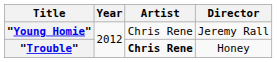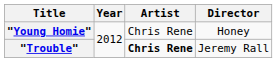 <table class="wikitable plainrowheaders" style="text-align:center;">
 <tr>
 <th scope="col">Title</th>
 <th scope="col">Year</th>
 <th scope="col">Artist</th>
 <th scope="col">Director</th>
 </tr>
 <tr>
 <th scope="row">"<a href='#'>Young Homie</a>"</th>
 <td rowspan="2">2012</td>
 <td>Chris Rene</td>
-<td>Jeremy Rall</td>
+<td>Honey</td>
 </tr>
 <tr>
 <th scope="row">"<a href='#'>Trouble</a>"</th>
 <td><strong>Chris Rene</strong></td>
-<td>Honey</td>
+<td>Jeremy Rall</td>
 </tr>
 </table>
